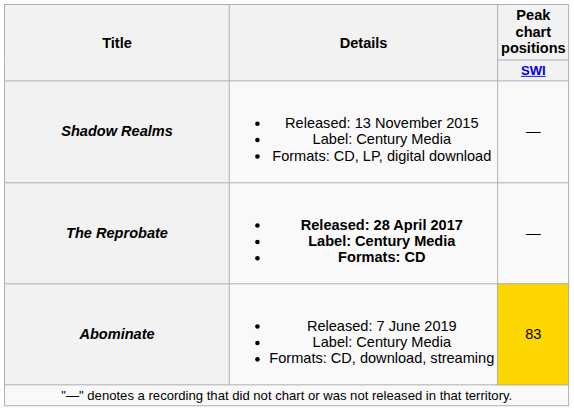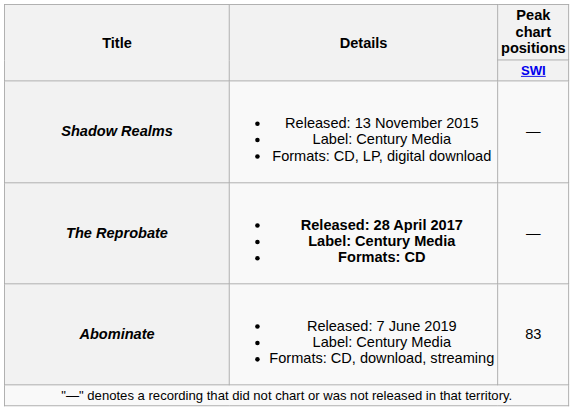 <table class="wikitable plainrowheaders" style="text-align:center;">
 <tr>
 <th scope="col" rowspan="2" style="width:15em;">Title</th>
 <th scope="col" rowspan="2">Details</th>
 <th scope="col" colspan="1">Peak chart positions</th>
 </tr>
 <tr>
 <th scope="col" style="width:3em;font-size:90%;"><a href='#'>SWI</a><br></th>
 </tr>
 <tr>
 <th scope="row"><em>Shadow Realms</em></th>
 <td><br><ul><li>Released: 13 November 2015</li><li>Label: Century Media</li><li>Formats: CD, LP, digital download</li></ul></td>
 <td>—</td>
 </tr>
 <tr>
 <th scope="row"><em>The Reprobate</em></th>
 <td><strong><br><ul><li>Released: 28 April 2017</li><li>Label: Century Media</li><li>Formats: CD</li></ul></strong></td>
 <td>—</td>
 </tr>
 <tr>
 <th scope="row"><em>Abominate</em></th>
 <td><br><ul><li>Released: 7 June 2019</li><li>Label: Century Media</li><li>Formats: CD, download, streaming</li></ul></td>
-<td style="background: gold;">83</td>
+<td>83</td>
 </tr>
 <tr>
 <td colspan="10" style="font-size:90%">"—" denotes a recording that did not chart or was not released in that territory.</td>
 </tr>
 </table>
